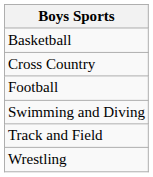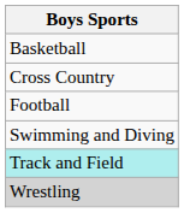 <table class="wikitable">
 <tr>
 <th>Boys Sports</th>
 </tr>
 <tr>
 <td>Basketball</td>
 </tr>
 <tr>
 <td>Cross Country</td>
 </tr>
 <tr>
 <td>Football</td>
 </tr>
 <tr>
 <td>Swimming and Diving</td>
 </tr>
 <tr>
-<td>Track and Field</td>
+<td style="background: paleturquoise;">Track and Field</td>
 </tr>
 <tr>
-<td>Wrestling</td>
+<td style="background: lightgrey;">Wrestling</td>
 </tr>
 </table>
